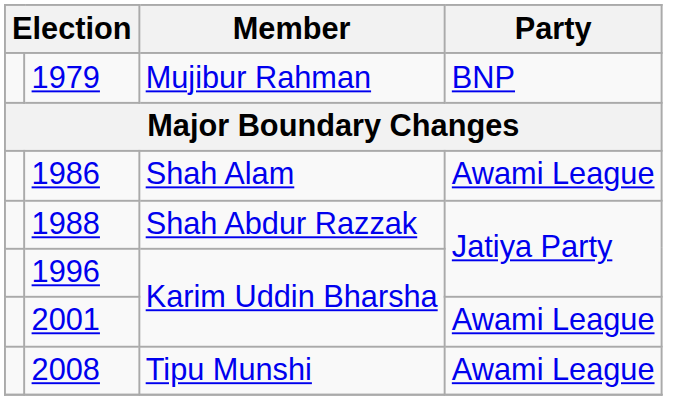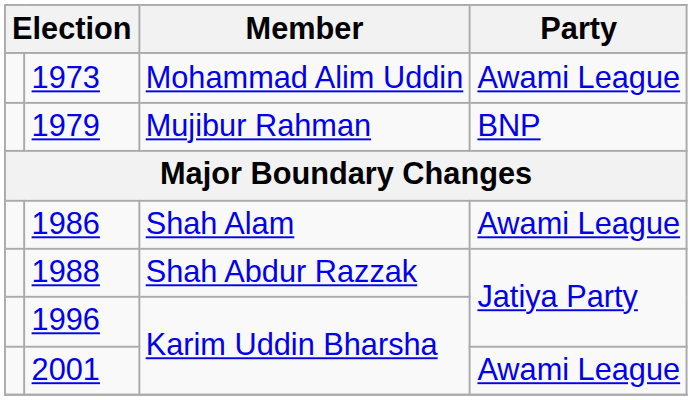 <table class="wikitable">
 <tr>
 <th colspan="2">Election</th>
 <th>Member</th>
 <th>Party</th>
+</tr>
+<tr>
+<td style="background-color:"></td>
+<td><a href='#'>1973</a></td>
+<td><a href='#'>Mohammad Alim Uddin</a></td>
+<td><a href='#'>Awami League</a></td>
 </tr>
 <tr>
 <td style="background-color:"></td>
 <td><a href='#'>1979</a></td>
 <td><a href='#'>Mujibur Rahman</a></td>
 <td><a href='#'>BNP</a></td>
 </tr>
 <tr>
 <th colspan="4"><strong>Major Boundary Changes</strong></th>
 </tr>
 <tr>
 <td style="background-color:"></td>
 <td><a href='#'>1986</a></td>
 <td><a href='#'>Shah Alam</a></td>
 <td><a href='#'>Awami League</a></td>
 </tr>
 <tr>
 <td style="background-color:"></td>
 <td><a href='#'>1988</a></td>
 <td><a href='#'>Shah Abdur Razzak</a></td>
 <td rowspan="2"><a href='#'>Jatiya Party</a></td>
 </tr>
 <tr>
 <td style="background-color:"></td>
 <td><a href='#'>1996</a></td>
 <td rowspan="2"><a href='#'>Karim Uddin Bharsha</a></td>
 </tr>
 <tr>
 <td style="background-color:"></td>
 <td><a href='#'>2001</a></td>
 <td><a href='#'>Awami League</a></td>
 </tr>
 <tr>
-<td style="background-color:"></td>
-<td><a href='#'>2008</a></td>
-<td><a href='#'>Tipu Munshi</a></td>
-<td><a href='#'>Awami League</a></td>
-</tr>
-<tr>
 </tr>
 </table>
